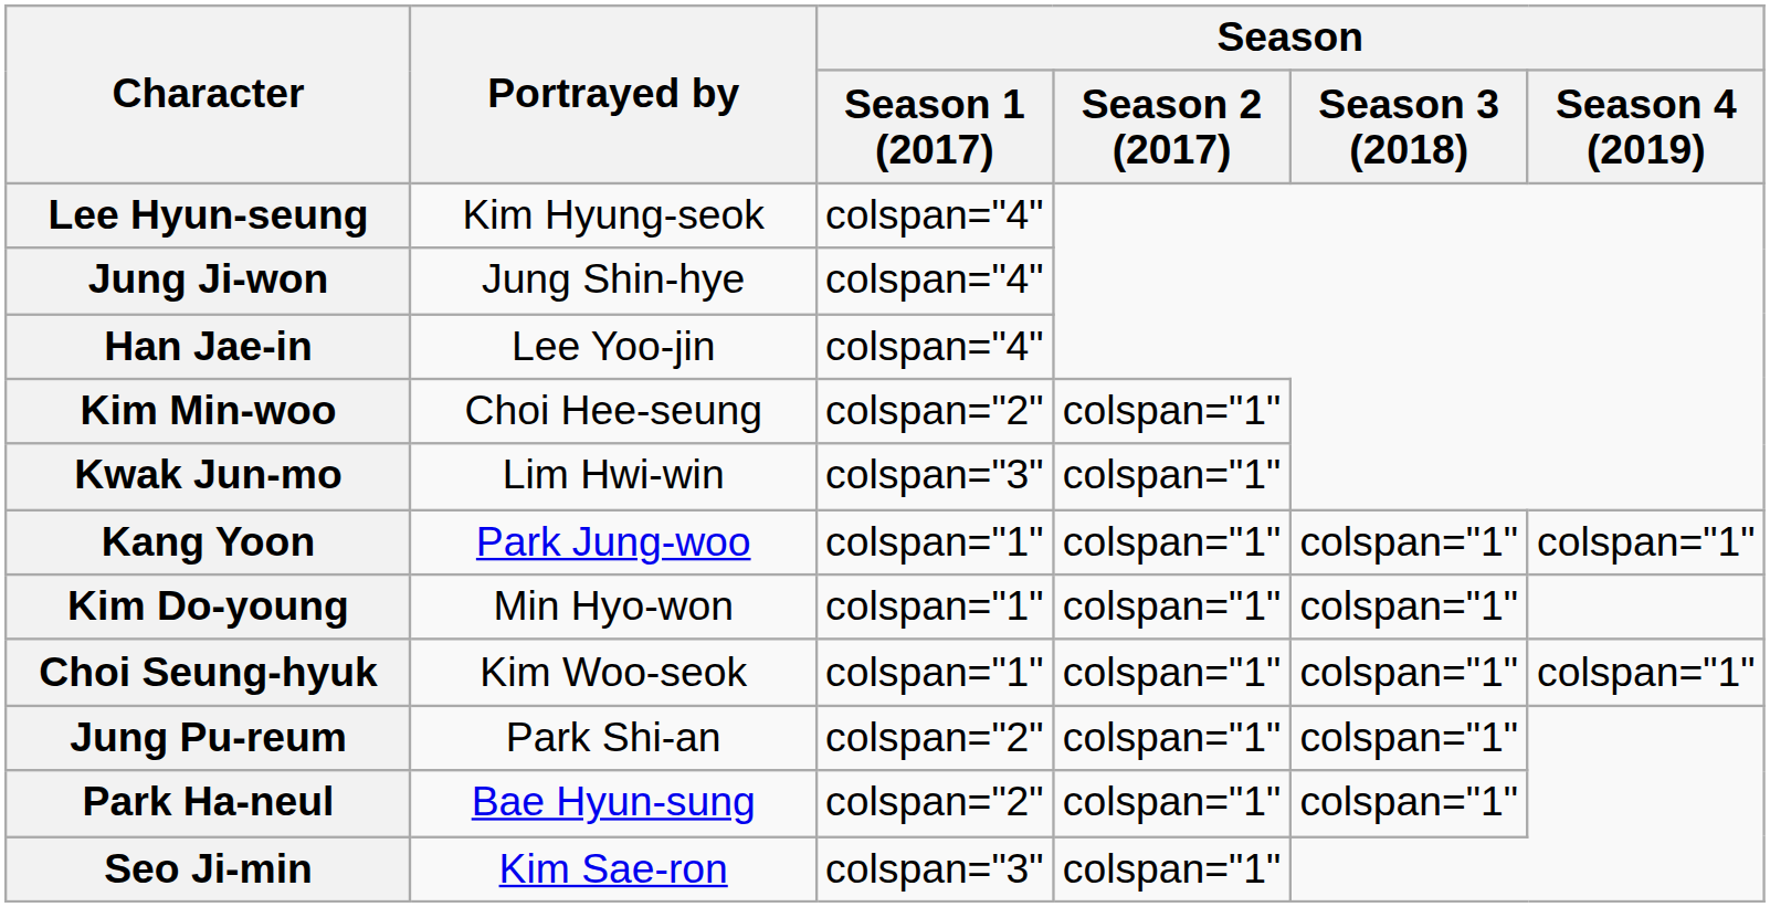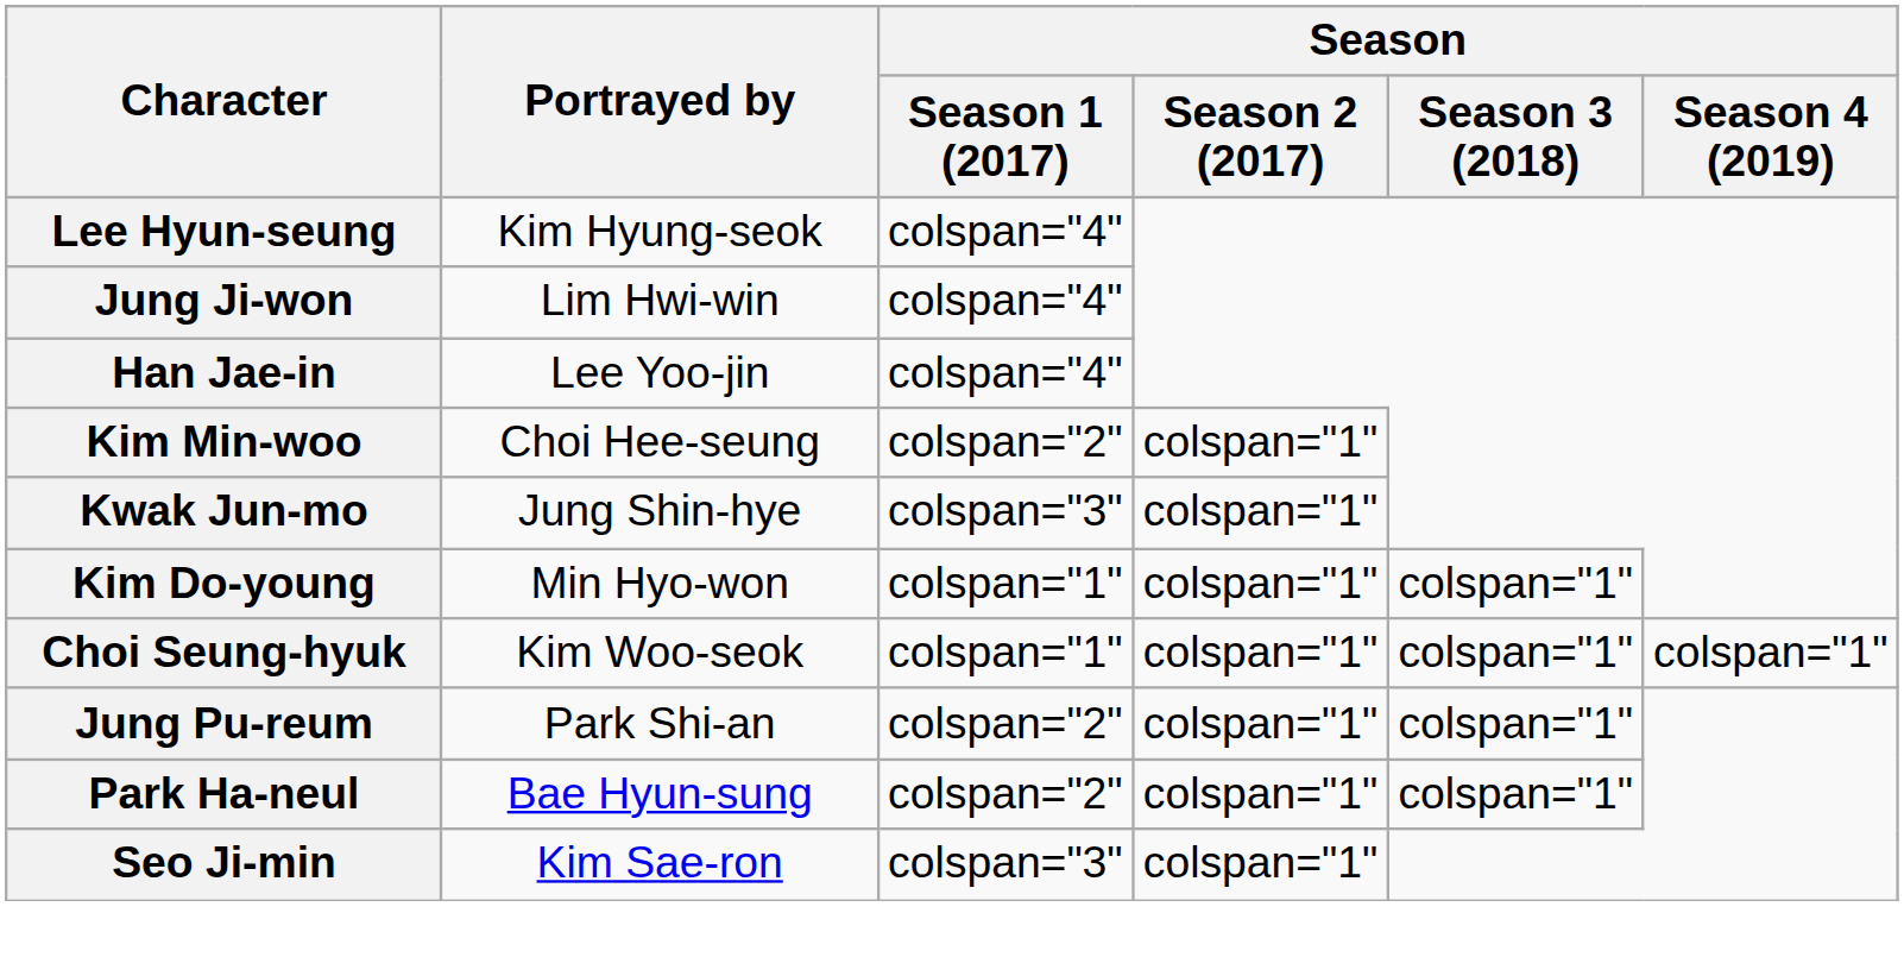 <table class="wikitable" style="text-align:center;">
 <tr>
 <th rowspan="2" style="width:150px;">Character</th>
 <th style="width:150px;" rowspan="2">Portrayed by</th>
 <th colspan="4">Season</th>
 </tr>
 <tr>
 <th style="width:80px;">Season 1<br>(2017)</th>
 <th style="width:80px;">Season 2<br>(2017)</th>
 <th style="width:80px;">Season 3<br>(2018)</th>
 <th style="width:80px;">Season 4<br>(2019)</th>
 </tr>
 <tr>
 <th>Lee Hyun-seung</th>
 <td>Kim Hyung-seok</td>
 <td>colspan="4" </td>
 </tr>
 <tr>
 <th>Jung Ji-won</th>
-<td>Jung Shin-hye</td>
+<td>Lim Hwi-win</td>
 <td>colspan="4" </td>
 </tr>
 <tr>
 <th>Han Jae-in</th>
 <td>Lee Yoo-jin</td>
 <td>colspan="4" </td>
 </tr>
 <tr>
 <th>Kim Min-woo</th>
 <td>Choi Hee-seung</td>
 <td>colspan="2" </td>
 <td>colspan="1" </td>
 </tr>
 <tr>
 <th>Kwak Jun-mo</th>
-<td>Lim Hwi-win</td>
+<td>Jung Shin-hye</td>
 <td>colspan="3" </td>
-<td>colspan="1" </td>
-</tr>
-<tr>
-<th>Kang Yoon</th>
-<td><a href='#'>Park Jung-woo</a></td>
-<td>colspan="1" </td>
-<td>colspan="1" </td>
-<td>colspan="1" </td>
 <td>colspan="1" </td>
 </tr>
 <tr>
 <th>Kim Do-young</th>
 <td>Min Hyo-won</td>
 <td>colspan="1" </td>
 <td>colspan="1" </td>
 <td>colspan="1" </td>
 </tr>
 <tr>
 <th>Choi Seung-hyuk</th>
 <td>Kim Woo-seok</td>
 <td>colspan="1" </td>
 <td>colspan="1" </td>
 <td>colspan="1" </td>
 <td>colspan="1" </td>
 </tr>
 <tr>
 <th>Jung Pu-reum</th>
 <td>Park Shi-an</td>
 <td>colspan="2" </td>
 <td>colspan="1" </td>
 <td>colspan="1" </td>
 </tr>
 <tr>
 <th>Park Ha-neul</th>
 <td><a href='#'>Bae Hyun-sung</a></td>
 <td>colspan="2" </td>
 <td>colspan="1" </td>
 <td>colspan="1" </td>
 </tr>
 <tr>
 <th>Seo Ji-min</th>
 <td><a href='#'>Kim Sae-ron</a></td>
 <td>colspan="3" </td>
 <td>colspan="1" </td>
 </tr>
 </table>
